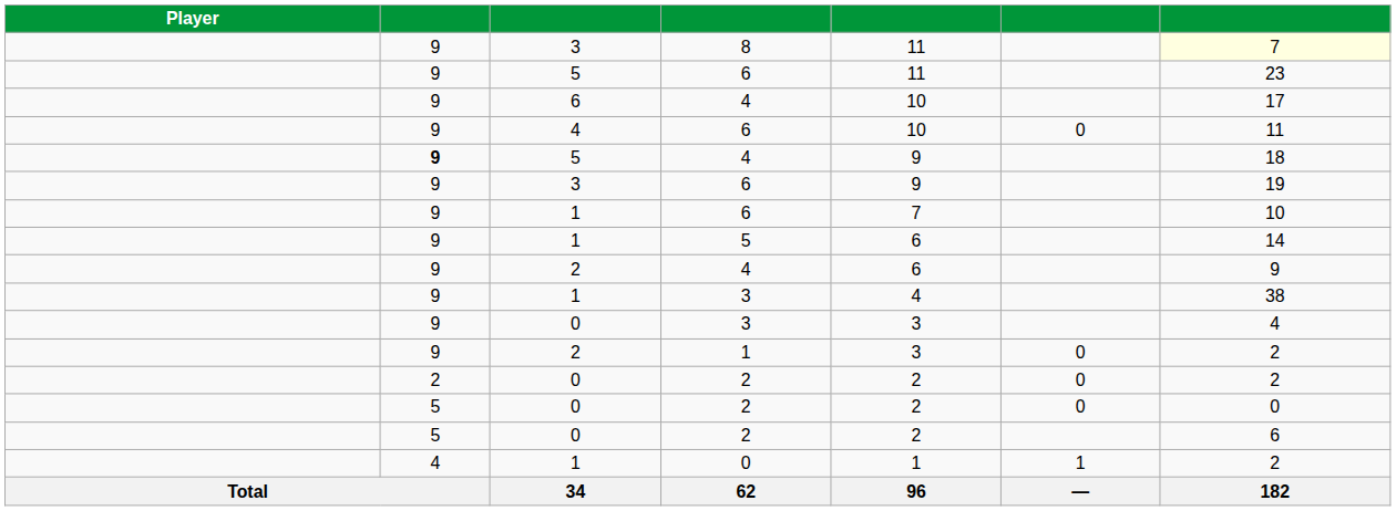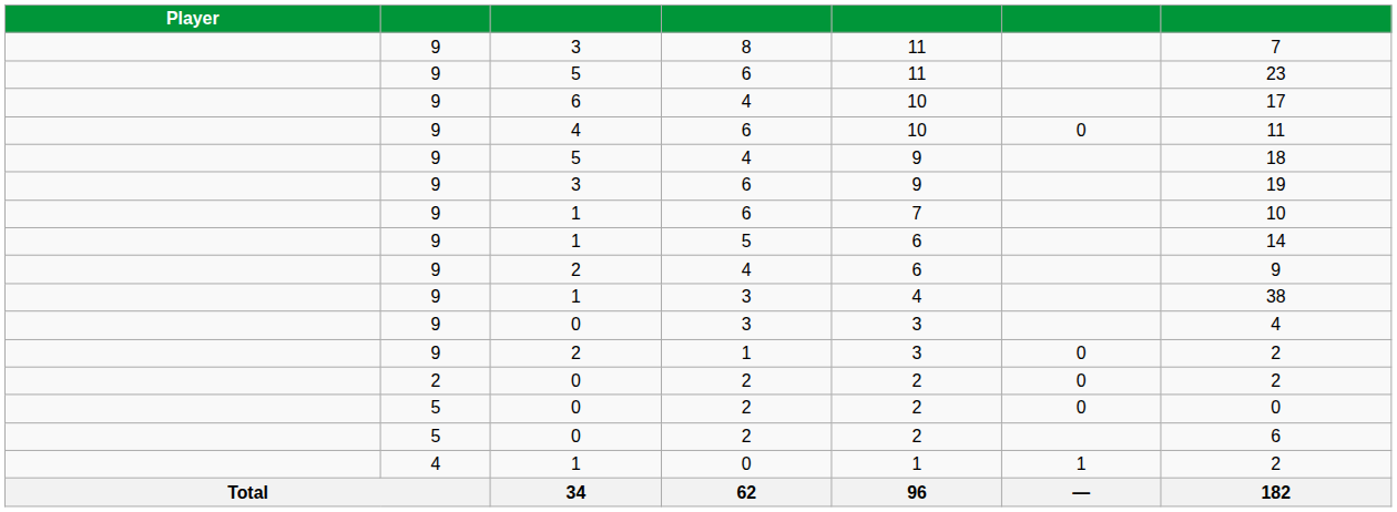 <table class="wikitable sortable" style="width:100%; text-align:center;">
 <tr>
 <th style="color:white; background:#009639; ">Player</th>
 <th style="color:white; background:#009639; "></th>
 <th style="color:white; background:#009639; "></th>
 <th style="color:white; background:#009639; "></th>
 <th style="color:white; background:#009639; "></th>
 <th style="color:white; background:#009639; "></th>
 <th style="color:white; background:#009639; "></th>
 </tr>
 <tr>
 <td></td>
 <td>9</td>
 <td>3</td>
 <td>8</td>
 <td>11</td>
 <td></td>
-<td style="background: lightyellow;">7</td>
+<td>7</td>
 </tr>
 <tr>
 <td></td>
 <td>9</td>
 <td>5</td>
 <td>6</td>
 <td>11</td>
 <td></td>
 <td>23</td>
 </tr>
 <tr>
 <td></td>
 <td>9</td>
 <td>6</td>
 <td>4</td>
 <td>10</td>
 <td></td>
 <td>17</td>
 </tr>
 <tr>
 <td></td>
 <td>9</td>
 <td>4</td>
 <td>6</td>
 <td>10</td>
 <td>0</td>
 <td>11</td>
 </tr>
 <tr>
 <td></td>
-<td><strong>9</strong></td>
+<td>9</td>
 <td>5</td>
 <td>4</td>
 <td>9</td>
 <td></td>
 <td>18</td>
 </tr>
 <tr>
 <td></td>
 <td>9</td>
 <td>3</td>
 <td>6</td>
 <td>9</td>
 <td></td>
 <td>19</td>
 </tr>
 <tr>
 <td></td>
 <td>9</td>
 <td>1</td>
 <td>6</td>
 <td>7</td>
 <td></td>
 <td>10</td>
 </tr>
 <tr>
 <td></td>
 <td>9</td>
 <td>1</td>
 <td>5</td>
 <td>6</td>
 <td></td>
 <td>14</td>
 </tr>
 <tr>
 <td></td>
 <td>9</td>
 <td>2</td>
 <td>4</td>
 <td>6</td>
 <td></td>
 <td>9</td>
 </tr>
 <tr>
 <td></td>
 <td>9</td>
 <td>1</td>
 <td>3</td>
 <td>4</td>
 <td></td>
 <td>38</td>
 </tr>
 <tr>
 <td></td>
 <td>9</td>
 <td>0</td>
 <td>3</td>
 <td>3</td>
 <td></td>
 <td>4</td>
 </tr>
 <tr>
 <td></td>
 <td>9</td>
 <td>2</td>
 <td>1</td>
 <td>3</td>
 <td>0</td>
 <td>2</td>
 </tr>
 <tr>
 <td></td>
 <td>2</td>
 <td>0</td>
 <td>2</td>
 <td>2</td>
 <td>0</td>
 <td>2</td>
 </tr>
 <tr>
 <td></td>
 <td>5</td>
 <td>0</td>
 <td>2</td>
 <td>2</td>
 <td>0</td>
 <td>0</td>
 </tr>
 <tr>
 <td></td>
 <td>5</td>
 <td>0</td>
 <td>2</td>
 <td>2</td>
 <td></td>
 <td>6</td>
 </tr>
 <tr>
 <td></td>
 <td>4</td>
 <td>1</td>
 <td>0</td>
 <td>1</td>
 <td>1</td>
 <td>2</td>
 </tr>
 <tr class="sortbottom">
 <th colspan=2>Total</th>
 <th>34</th>
 <th>62</th>
 <th>96</th>
 <th>—</th>
 <th>182</th>
 </tr>
 </table>
